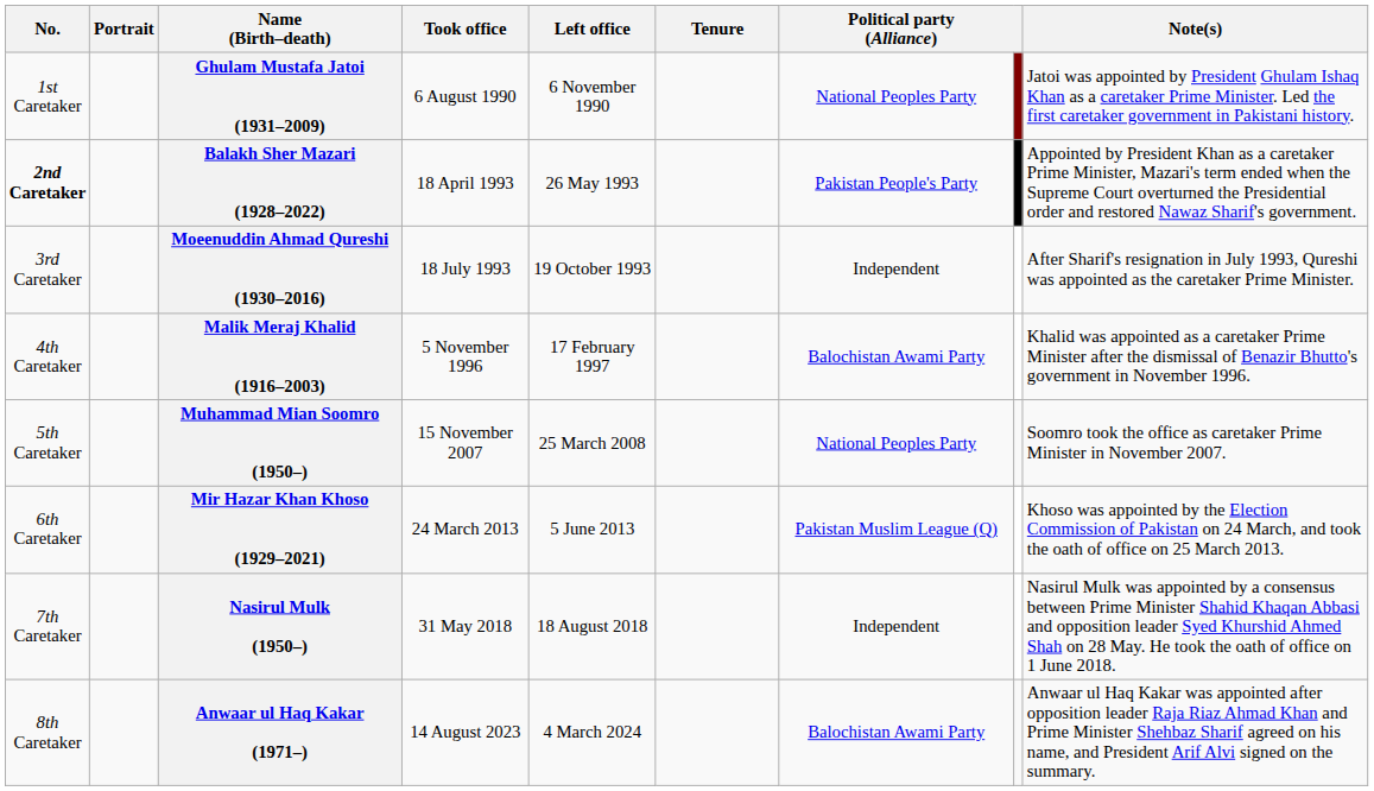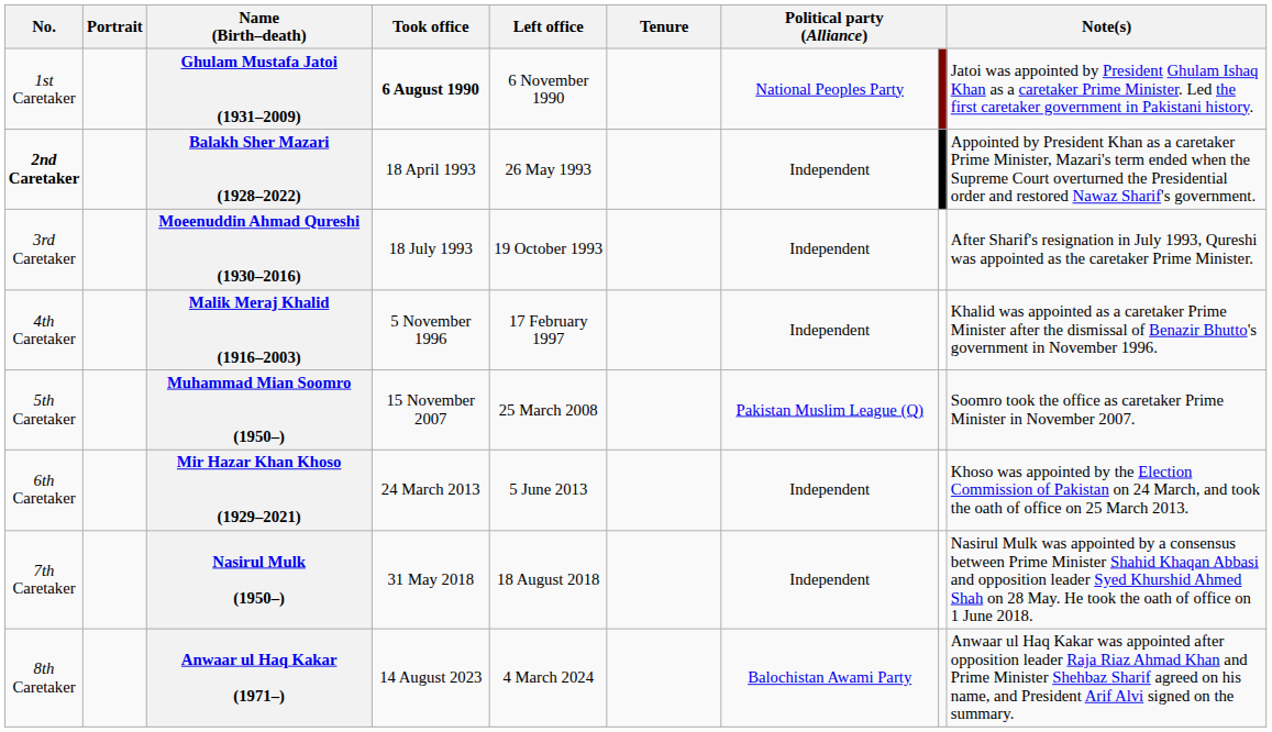 <table class="wikitable sortable plainrowheaders">
 <tr>
 <th width=1%>No.</th>
 <th style="width:100px;">Portrait</th>
 <th width=20%>Name<br>(Birth–death)</th>
 <th width=10%>Took office</th>
 <th width=10%>Left office</th>
 <th width=10%>Tenure</th>
 <th colspan="2" width=20%>Political party<br>(<em>Alliance</em>)</th>
 <th width=40%>Note(s)</th>
 </tr>
 <tr>
 <td align="center"><em>1st</em> Caretaker</td>
 <td align="center"></td>
 <th scope=row align="center"><a href='#'>Ghulam Mustafa Jatoi</a><br><br><br>(1931–2009)</th>
-<td align="center">6 August 1990</td>
+<td align="center"><strong>6 August 1990</strong></td>
 <td align="center">6 November 1990</td>
 <td align="center"></td>
 <td align="center"><a href='#'>National Peoples Party</a></td>
 <td align=center style="background-color: Maroon"></td>
 <td>Jatoi was appointed by <a href='#'>President</a> <a href='#'>Ghulam Ishaq Khan</a> as a <a href='#'>caretaker Prime Minister</a>. Led <a href='#'>the first caretaker government in Pakistani history</a>.</td>
 </tr>
 <tr>
 <td align="center"><strong><em>2nd</em> Caretaker</strong></td>
 <td align="center"></td>
 <th scope=row align="center"><a href='#'>Balakh Sher Mazari</a><br><br><br>(1928–2022)</th>
 <td align="center">18 April 1993</td>
 <td align="center">26 May 1993</td>
 <td align="center"></td>
-<td align="center"><a href='#'>Pakistan People's Party</a></td>
+<td align="center">Independent</td>
 <td align=center style="background-color: Black"></td>
 <td>Appointed by President Khan as a caretaker Prime Minister, Mazari's term ended when the Supreme Court overturned the Presidential order and restored <a href='#'>Nawaz Sharif</a>'s government.</td>
 </tr>
 <tr>
 <td align="center"><em>3rd</em> Caretaker</td>
 <td align="center"></td>
 <th scope=row align="center"><a href='#'>Moeenuddin Ahmad Qureshi</a><br><br><br>(1930–2016)</th>
 <td align="center">18 July 1993</td>
 <td align="center">19 October 1993</td>
 <td align="center"></td>
 <td align="center">Independent</td>
 <td align=center style="background-color: White"></td>
 <td>After Sharif's resignation in July 1993, Qureshi was appointed as the caretaker Prime Minister.</td>
 </tr>
 <tr>
 <td align="center"><em>4th</em> Caretaker</td>
 <td align="center"></td>
 <th scope=row align="center"><a href='#'>Malik Meraj Khalid</a><br><br><br>(1916–2003)</th>
 <td align="center">5 November 1996</td>
 <td align="center">17 February 1997</td>
 <td align="center"></td>
-<td align="center"><a href='#'>Balochistan Awami Party</a></td>
+<td align="center">Independent</td>
 <td align=center style="background-color: White"></td>
 <td>Khalid was appointed as a caretaker Prime Minister after the dismissal of <a href='#'>Benazir Bhutto</a>'s government in November 1996.</td>
 </tr>
 <tr>
 <td align="center"><em>5th</em> Caretaker</td>
 <td align="center"></td>
 <th scope=row align="center"><a href='#'>Muhammad Mian Soomro</a><br><br><br>(1950–)</th>
 <td align="center">15 November 2007</td>
 <td align="center">25 March 2008</td>
 <td align="center"></td>
-<td align="center"><a href='#'>National Peoples Party</a></td>
+<td align="center"><a href='#'>Pakistan Muslim League (Q)</a></td>
 <td align=center style="background-color: "></td>
 <td>Soomro took the office as caretaker Prime Minister in November 2007.</td>
 </tr>
 <tr>
 <td align="center"><em>6th</em> Caretaker</td>
 <td align="center"></td>
 <th scope=row align="center"><a href='#'>Mir Hazar Khan Khoso</a><br><br><br>(1929–2021)</th>
 <td align="center">24 March 2013</td>
 <td align="center">5 June 2013</td>
 <td align="center"></td>
-<td align="center"><a href='#'>Pakistan Muslim League (Q)</a></td>
+<td align="center">Independent</td>
 <td align=center style="background-color: White"></td>
 <td>Khoso was appointed by the <a href='#'>Election Commission of Pakistan</a> on 24 March, and took the oath of office on 25 March 2013.</td>
 </tr>
 <tr>
 <td align="center"><em>7th</em> Caretaker</td>
 <td align="center"></td>
 <th scope=row align="center"><a href='#'>Nasirul Mulk</a><br><br>(1950–)</th>
 <td align="center">31 May 2018</td>
 <td align="center">18 August 2018</td>
 <td align="center"></td>
 <td align="center">Independent</td>
 <td align=center style="background-color: White"></td>
 <td>Nasirul Mulk was appointed by a consensus between Prime Minister <a href='#'>Shahid Khaqan Abbasi</a> and opposition leader <a href='#'>Syed Khurshid Ahmed Shah</a> on 28 May. He took the oath of office on 1 June 2018.</td>
 </tr>
 <tr>
 <td align="center"><em>8th</em> Caretaker</td>
 <td align="center"></td>
 <th scope=row align="center"><a href='#'>Anwaar ul Haq Kakar</a><br><br>(1971–)</th>
 <td align="center">14 August 2023</td>
 <td align="center">4 March 2024</td>
 <td align="center"></td>
 <td align="center"><a href='#'>Balochistan Awami Party</a></td>
 <td align=center style="background-color: "></td>
 <td>Anwaar ul Haq Kakar was appointed after opposition leader <a href='#'>Raja Riaz Ahmad Khan</a> and Prime Minister <a href='#'>Shehbaz Sharif</a> agreed on his name, and President <a href='#'>Arif Alvi</a> signed on the summary.</td>
 </tr>
 </table>
